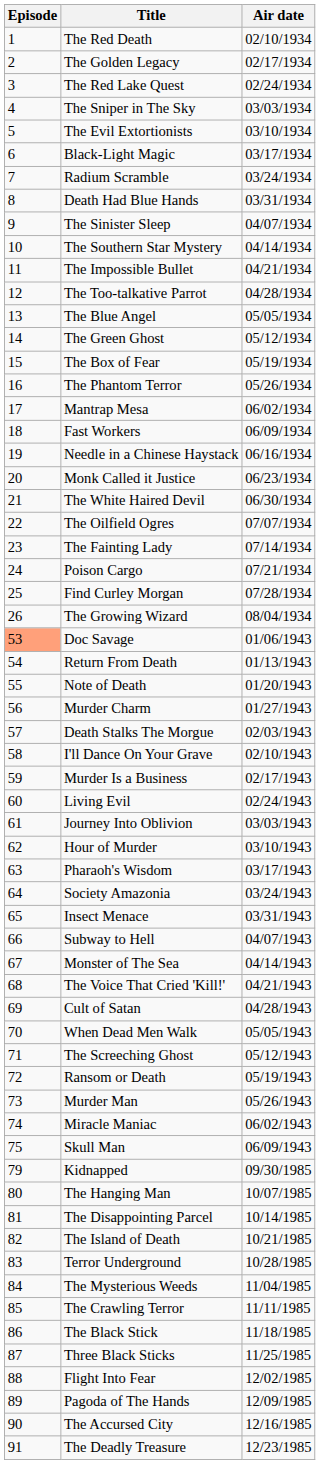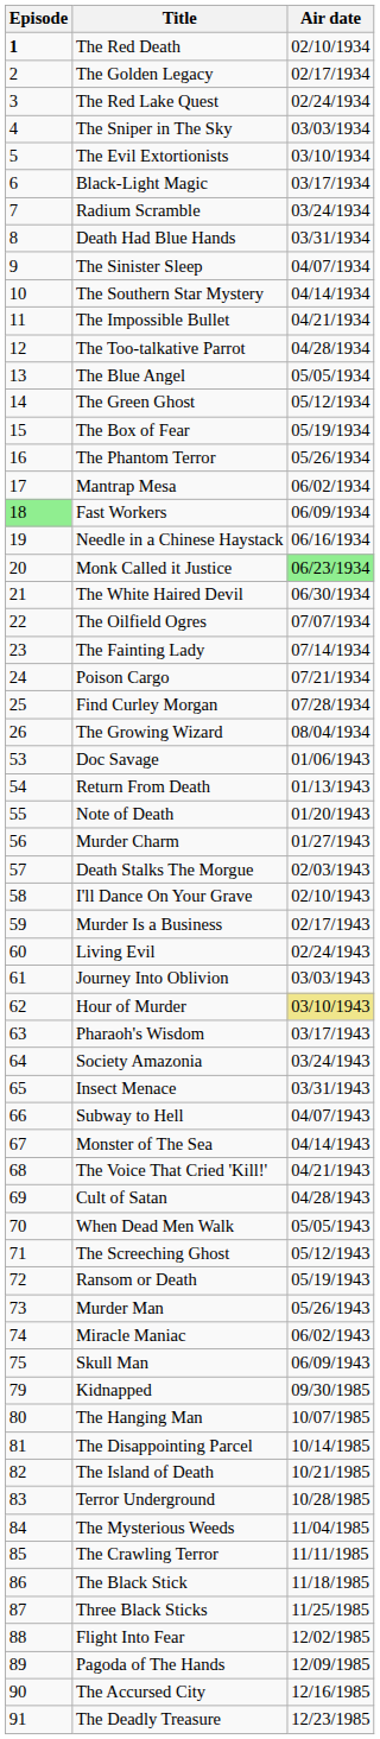 <table class="wikitable sortable">
 <tr>
 <th>Episode</th>
 <th>Title</th>
 <th>Air date</th>
 </tr>
 <tr>
-<td>1</td>
+<td><strong>1</strong></td>
 <td>The Red Death</td>
 <td>02/10/1934</td>
 </tr>
 <tr>
 <td>2</td>
 <td>The Golden Legacy</td>
 <td>02/17/1934</td>
 </tr>
 <tr>
 <td>3</td>
 <td>The Red Lake Quest</td>
 <td>02/24/1934</td>
 </tr>
 <tr>
 <td>4</td>
 <td>The Sniper in The Sky</td>
 <td>03/03/1934</td>
 </tr>
 <tr>
 <td>5</td>
 <td>The Evil Extortionists</td>
 <td>03/10/1934</td>
 </tr>
 <tr>
 <td>6</td>
 <td>Black-Light Magic</td>
 <td>03/17/1934</td>
 </tr>
 <tr>
 <td>7</td>
 <td>Radium Scramble</td>
 <td>03/24/1934</td>
 </tr>
 <tr>
 <td>8</td>
 <td>Death Had Blue Hands</td>
 <td>03/31/1934</td>
 </tr>
 <tr>
 <td>9</td>
 <td>The Sinister Sleep</td>
 <td>04/07/1934</td>
 </tr>
 <tr>
 <td>10</td>
 <td>The Southern Star Mystery</td>
 <td>04/14/1934</td>
 </tr>
 <tr>
 <td>11</td>
 <td>The Impossible Bullet</td>
 <td>04/21/1934</td>
 </tr>
 <tr>
 <td>12</td>
 <td>The Too-talkative Parrot</td>
 <td>04/28/1934</td>
 </tr>
 <tr>
 <td>13</td>
 <td>The Blue Angel</td>
 <td>05/05/1934</td>
 </tr>
 <tr>
 <td>14</td>
 <td>The Green Ghost</td>
 <td>05/12/1934</td>
 </tr>
 <tr>
 <td>15</td>
 <td>The Box of Fear</td>
 <td>05/19/1934</td>
 </tr>
 <tr>
 <td>16</td>
 <td>The Phantom Terror</td>
 <td>05/26/1934</td>
 </tr>
 <tr>
 <td>17</td>
 <td>Mantrap Mesa</td>
 <td>06/02/1934</td>
 </tr>
 <tr>
-<td>18</td>
+<td style="background: lightgreen;">18</td>
 <td>Fast Workers</td>
 <td>06/09/1934</td>
 </tr>
 <tr>
 <td>19</td>
 <td>Needle in a Chinese Haystack</td>
 <td>06/16/1934</td>
 </tr>
 <tr>
 <td>20</td>
 <td>Monk Called it Justice</td>
-<td>06/23/1934</td>
+<td style="background: lightgreen;">06/23/1934</td>
 </tr>
 <tr>
 <td>21</td>
 <td>The White Haired Devil</td>
 <td>06/30/1934</td>
 </tr>
 <tr>
 <td>22</td>
 <td>The Oilfield Ogres</td>
 <td>07/07/1934</td>
 </tr>
 <tr>
 <td>23</td>
 <td>The Fainting Lady</td>
 <td>07/14/1934</td>
 </tr>
 <tr>
 <td>24</td>
 <td>Poison Cargo</td>
 <td>07/21/1934</td>
 </tr>
 <tr>
 <td>25</td>
 <td>Find Curley Morgan</td>
 <td>07/28/1934</td>
 </tr>
 <tr>
 <td>26</td>
 <td>The Growing Wizard</td>
 <td>08/04/1934</td>
 </tr>
 <tr>
-<td style="background: lightsalmon;">53</td>
+<td>53</td>
 <td>Doc Savage</td>
 <td>01/06/1943</td>
 </tr>
 <tr>
 <td>54</td>
 <td>Return From Death</td>
 <td>01/13/1943</td>
 </tr>
 <tr>
 <td>55</td>
 <td>Note of Death</td>
 <td>01/20/1943</td>
 </tr>
 <tr>
 <td>56</td>
 <td>Murder Charm</td>
 <td>01/27/1943</td>
 </tr>
 <tr>
 <td>57</td>
 <td>Death Stalks The Morgue</td>
 <td>02/03/1943</td>
 </tr>
 <tr>
 <td>58</td>
 <td>I'll Dance On Your Grave</td>
 <td>02/10/1943</td>
 </tr>
 <tr>
 <td>59</td>
 <td>Murder Is a Business</td>
 <td>02/17/1943</td>
 </tr>
 <tr>
 <td>60</td>
 <td>Living Evil</td>
 <td>02/24/1943</td>
 </tr>
 <tr>
 <td>61</td>
 <td>Journey Into Oblivion</td>
 <td>03/03/1943</td>
 </tr>
 <tr>
 <td>62</td>
 <td>Hour of Murder</td>
-<td>03/10/1943</td>
+<td style="background: khaki;">03/10/1943</td>
 </tr>
 <tr>
 <td>63</td>
 <td>Pharaoh's Wisdom</td>
 <td>03/17/1943</td>
 </tr>
 <tr>
 <td>64</td>
 <td>Society Amazonia</td>
 <td>03/24/1943</td>
 </tr>
 <tr>
 <td>65</td>
 <td>Insect Menace</td>
 <td>03/31/1943</td>
 </tr>
 <tr>
 <td>66</td>
 <td>Subway to Hell</td>
 <td>04/07/1943</td>
 </tr>
 <tr>
 <td>67</td>
 <td>Monster of The Sea</td>
 <td>04/14/1943</td>
 </tr>
 <tr>
 <td>68</td>
 <td>The Voice That Cried 'Kill!'</td>
 <td>04/21/1943</td>
 </tr>
 <tr>
 <td>69</td>
 <td>Cult of Satan</td>
 <td>04/28/1943</td>
 </tr>
 <tr>
 <td>70</td>
 <td>When Dead Men Walk</td>
 <td>05/05/1943</td>
 </tr>
 <tr>
 <td>71</td>
 <td>The Screeching Ghost</td>
 <td>05/12/1943</td>
 </tr>
 <tr>
 <td>72</td>
 <td>Ransom or Death</td>
 <td>05/19/1943</td>
 </tr>
 <tr>
 <td>73</td>
 <td>Murder Man</td>
 <td>05/26/1943</td>
 </tr>
 <tr>
 <td>74</td>
 <td>Miracle Maniac</td>
 <td>06/02/1943</td>
 </tr>
 <tr>
 <td>75</td>
 <td>Skull Man</td>
 <td>06/09/1943</td>
 </tr>
 <tr>
 <td>79</td>
 <td>Kidnapped</td>
 <td>09/30/1985</td>
 </tr>
 <tr>
 <td>80</td>
 <td>The Hanging Man</td>
 <td>10/07/1985</td>
 </tr>
 <tr>
 <td>81</td>
 <td>The Disappointing Parcel</td>
 <td>10/14/1985</td>
 </tr>
 <tr>
 <td>82</td>
 <td>The Island of Death</td>
 <td>10/21/1985</td>
 </tr>
 <tr>
 <td>83</td>
 <td>Terror Underground</td>
 <td>10/28/1985</td>
 </tr>
 <tr>
 <td>84</td>
 <td>The Mysterious Weeds</td>
 <td>11/04/1985</td>
 </tr>
 <tr>
 <td>85</td>
 <td>The Crawling Terror</td>
 <td>11/11/1985</td>
 </tr>
 <tr>
 <td>86</td>
 <td>The Black Stick</td>
 <td>11/18/1985</td>
 </tr>
 <tr>
 <td>87</td>
 <td>Three Black Sticks</td>
 <td>11/25/1985</td>
 </tr>
 <tr>
 <td>88</td>
 <td>Flight Into Fear</td>
 <td>12/02/1985</td>
 </tr>
 <tr>
 <td>89</td>
 <td>Pagoda of The Hands</td>
 <td>12/09/1985</td>
 </tr>
 <tr>
 <td>90</td>
 <td>The Accursed City</td>
 <td>12/16/1985</td>
 </tr>
 <tr>
 <td>91</td>
 <td>The Deadly Treasure</td>
 <td>12/23/1985</td>
 </tr>
 </table>
